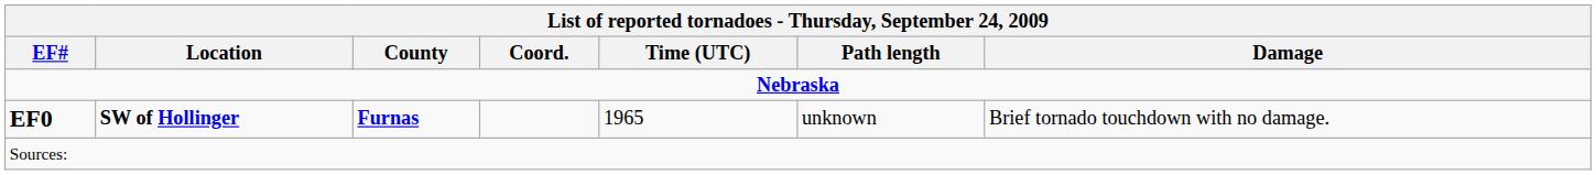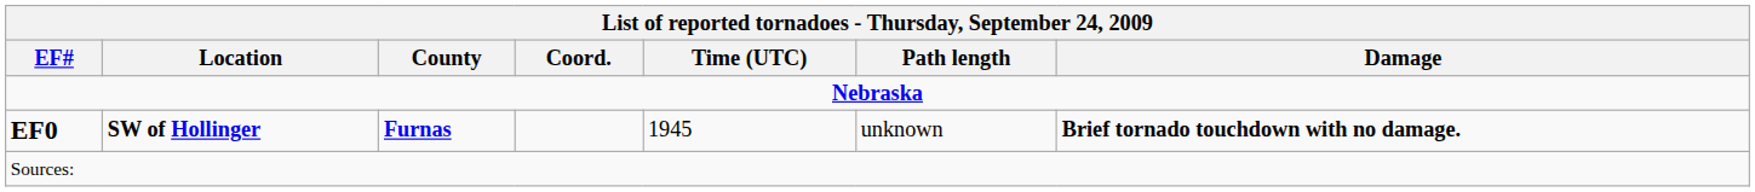 <table class="wikitable collapsible" width="100%">
 <tr>
 <th colspan="7">List of reported tornadoes - Thursday, September 24, 2009</th>
 </tr>
 <tr>
 <th><a href='#'>EF#</a></th>
 <th>Location</th>
 <th>County</th>
 <th>Coord.</th>
 <th>Time (UTC)</th>
 <th>Path length</th>
 <th>Damage</th>
 </tr>
 <tr>
 <td colspan="7" align=center><strong><a href='#'>Nebraska</a></strong></td>
 </tr>
 <tr>
 <td><big><strong>EF0</strong></big></td>
 <td><strong>SW of <a href='#'>Hollinger</a></strong></td>
 <td><strong><a href='#'>Furnas</a></strong></td>
 <td></td>
-<td>1965</td>
+<td>1945</td>
 <td>unknown</td>
-<td>Brief tornado touchdown with no damage.</td>
+<td><strong>Brief tornado touchdown with no damage.</strong></td>
 </tr>
 <tr>
 <td colspan="7"><small>Sources: </small></td>
 </tr>
 </table>
